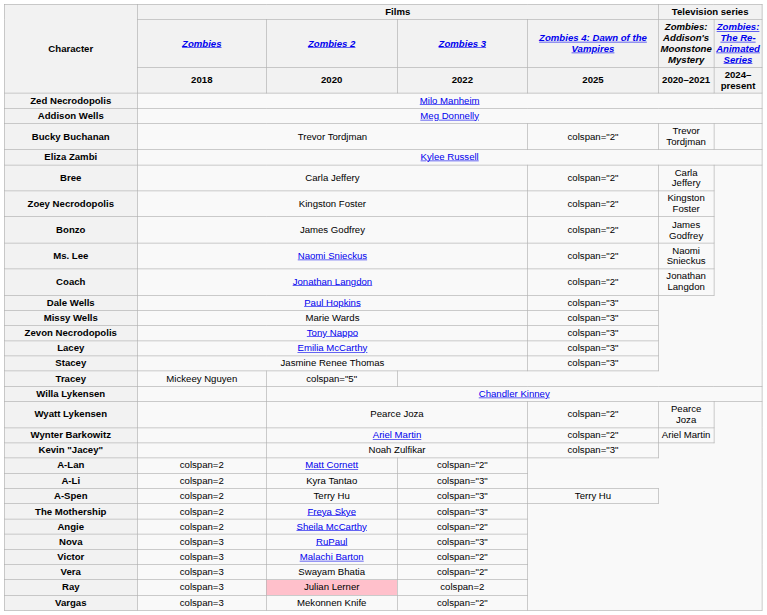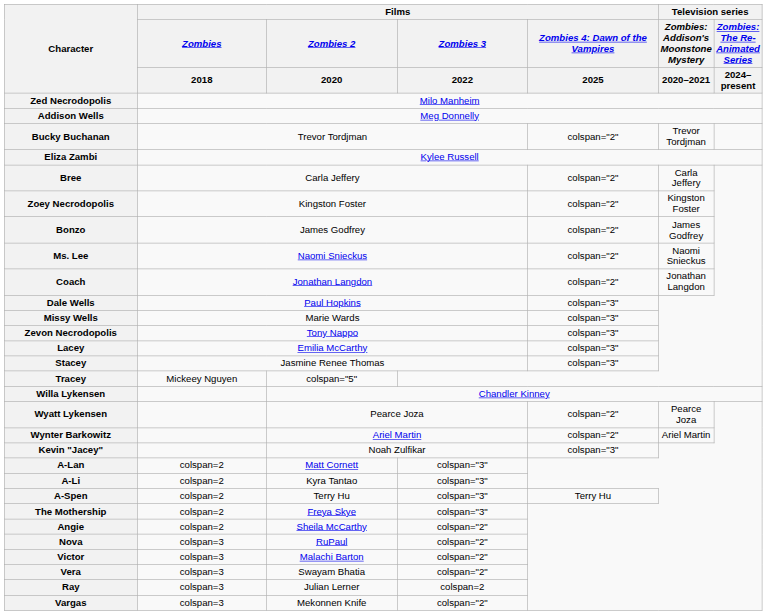 <table class="wikitable" style="text-align:center; width:100%;" >
 <tr>
 <th rowspan="3" style="width:20%">Character</th>
 <th colspan="4">Films</th>
 <th colspan="2">Television series</th>
 </tr>
 <tr>
 <th style="width:20%"><em><a href='#'>Zombies</a></em></th>
 <th style="width:20%"><em><a href='#'>Zombies 2</a></em></th>
 <th style="width:20%"><em><a href='#'>Zombies 3</a></em></th>
 <th style="width:20%"><em><a href='#'>Zombies 4: Dawn of the Vampires</a></em></th>
 <th><em>Zombies: Addison's Moonstone Mystery</em></th>
 <th><em><a href='#'>Zombies: The Re-Animated Series</a></em></th>
 </tr>
 <tr>
 <th>2018</th>
 <th>2020</th>
 <th>2022</th>
 <th>2025</th>
 <th>2020–2021</th>
 <th>2024–present</th>
 </tr>
 <tr>
 <th>Zed Necrodopolis</th>
 <td colspan="6"><a href='#'>Milo Manheim</a></td>
 </tr>
 <tr>
 <th>Addison Wells</th>
 <td colspan="6"><a href='#'>Meg Donnelly</a></td>
 </tr>
 <tr>
 <th>Bucky Buchanan</th>
 <td colspan="3">Trevor Tordjman</td>
 <td>colspan="2" </td>
 <td>Trevor Tordjman</td>
 </tr>
 <tr>
 <th>Eliza Zambi</th>
 <td colspan="6"><a href='#'>Kylee Russell</a></td>
 </tr>
 <tr>
 <th>Bree</th>
 <td colspan="3">Carla Jeffery</td>
 <td>colspan="2" </td>
 <td>Carla Jeffery</td>
 </tr>
 <tr>
 <th>Zoey Necrodopolis</th>
 <td colspan="3">Kingston Foster</td>
 <td>colspan="2" </td>
 <td>Kingston Foster</td>
 </tr>
 <tr>
 <th>Bonzo</th>
 <td colspan="3">James Godfrey</td>
 <td>colspan="2" </td>
 <td>James Godfrey</td>
 </tr>
 <tr>
 <th>Ms. Lee</th>
 <td colspan="3"><a href='#'>Naomi Snieckus</a></td>
 <td>colspan="2" </td>
 <td>Naomi Snieckus</td>
 </tr>
 <tr>
 <th>Coach</th>
 <td colspan="3"><a href='#'>Jonathan Langdon</a></td>
 <td>colspan="2" </td>
 <td>Jonathan Langdon</td>
 </tr>
 <tr>
 <th>Dale Wells</th>
 <td colspan="3"><a href='#'>Paul Hopkins</a></td>
 <td>colspan="3" </td>
 </tr>
 <tr>
 <th>Missy Wells</th>
 <td colspan="3">Marie Wards</td>
 <td>colspan="3" </td>
 </tr>
 <tr>
 <th>Zevon Necrodopolis</th>
 <td colspan="3"><a href='#'>Tony Nappo</a></td>
 <td>colspan="3" </td>
 </tr>
 <tr>
 <th>Lacey</th>
 <td colspan="3"><a href='#'>Emilia McCarthy</a></td>
 <td>colspan="3" </td>
 </tr>
 <tr>
 <th>Stacey</th>
 <td colspan="3">Jasmine Renee Thomas</td>
 <td>colspan="3" </td>
 </tr>
 <tr>
 <th>Tracey</th>
 <td>Mickeey Nguyen</td>
 <td>colspan="5" </td>
 </tr>
 <tr>
 <th>Willa Lykensen</th>
 <td></td>
 <td colspan="5"><a href='#'>Chandler Kinney</a></td>
 </tr>
 <tr>
 <th>Wyatt Lykensen</th>
 <td></td>
 <td colspan="2">Pearce Joza</td>
 <td>colspan="2" </td>
 <td>Pearce Joza</td>
 </tr>
 <tr>
 <th>Wynter Barkowitz</th>
 <td></td>
 <td colspan="2"><a href='#'>Ariel Martin</a></td>
 <td>colspan="2" </td>
 <td>Ariel Martin</td>
 </tr>
 <tr>
 <th>Kevin "Jacey"</th>
 <td></td>
 <td colspan="2">Noah Zulfikar</td>
 <td>colspan="3" </td>
 </tr>
 <tr>
 <th>A-Lan</th>
 <td>colspan=2 </td>
 <td><a href='#'>Matt Cornett</a></td>
-<td>colspan="2" </td>
+<td>colspan="3" </td>
 </tr>
 <tr>
 <th>A-Li</th>
 <td>colspan=2 </td>
 <td>Kyra Tantao</td>
 <td>colspan="3" </td>
 </tr>
 <tr>
 <th>A-Spen</th>
 <td>colspan=2 </td>
 <td>Terry Hu</td>
 <td>colspan="3" </td>
 <td>Terry Hu</td>
 </tr>
 <tr>
 <th>The Mothership</th>
 <td>colspan=2 </td>
 <td><a href='#'>Freya Skye</a></td>
 <td>colspan="3" </td>
 </tr>
 <tr>
 <th>Angie</th>
 <td>colspan=2 </td>
 <td><a href='#'>Sheila McCarthy</a></td>
 <td>colspan="2" </td>
 </tr>
 <tr>
 <th>Nova</th>
 <td>colspan=3 </td>
 <td><a href='#'>RuPaul</a></td>
-<td>colspan="3" </td>
+<td>colspan="2" </td>
 </tr>
 <tr>
 <th>Victor</th>
 <td>colspan=3 </td>
 <td><a href='#'>Malachi Barton</a></td>
 <td>colspan="2" </td>
 </tr>
 <tr>
 <th>Vera</th>
 <td>colspan=3 </td>
 <td>Swayam Bhatia</td>
 <td>colspan="2" </td>
 </tr>
 <tr>
 <th>Ray</th>
 <td>colspan=3 </td>
-<td style="background: pink;">Julian Lerner</td>
+<td>Julian Lerner</td>
 <td>colspan=2 </td>
 </tr>
 <tr>
 <th>Vargas</th>
 <td>colspan=3 </td>
 <td>Mekonnen Knife</td>
 <td>colspan="2" </td>
 </tr>
 </table>
